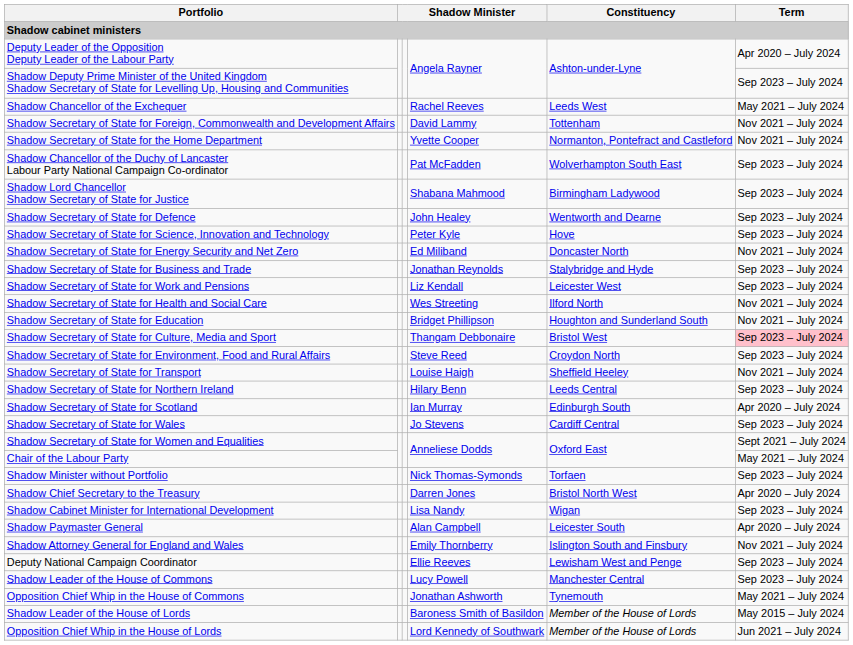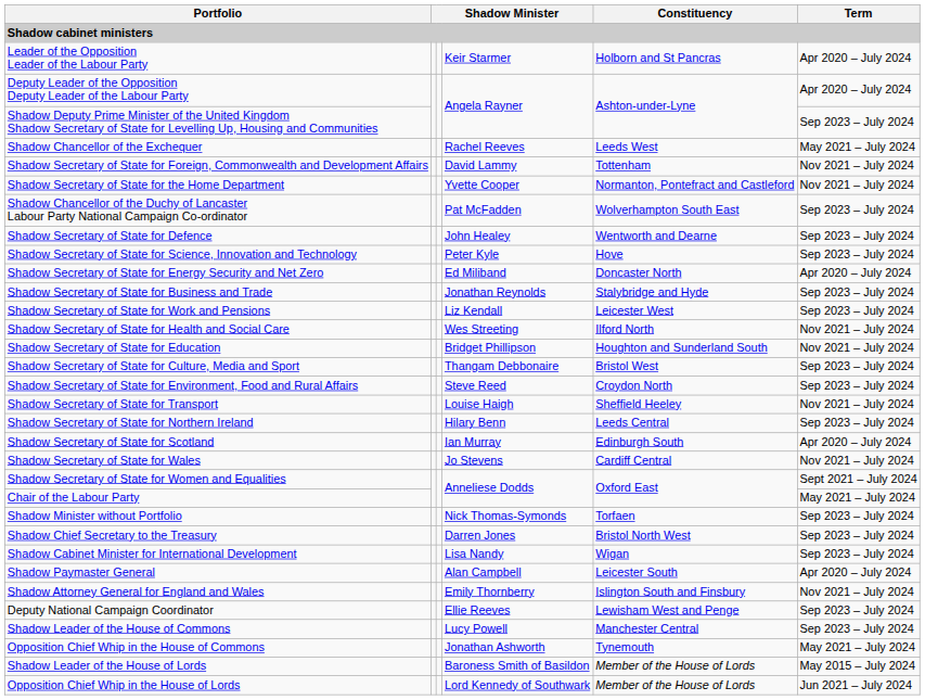 <table class="wikitable">
 <tr>
 <th colspan="1">Portfolio</th>
 <th colspan="3">Shadow Minister</th>
 <th colspan="1">Constituency</th>
 <th colspan="1">Term</th>
 </tr>
 <tr>
 <td style="background:#ccc;" colspan="6"><strong>Shadow cabinet ministers</strong></td>
+</tr>
+<tr>
+<td><a href='#'>Leader of the Opposition</a><br><a href='#'>Leader of the Labour Party</a></td>
+<td style="background: "></td>
+<td></td>
+<td><a href='#'>Keir Starmer</a></td>
+<td><a href='#'>Holborn and St Pancras</a></td>
+<td>Apr 2020 – July 2024</td>
 </tr>
 <tr>
 <td><a href='#'>Deputy Leader of the Opposition</a><br><a href='#'>Deputy Leader of the Labour Party</a></td>
 <td rowspan="2" style="background: "></td>
 <td rowspan="2"></td>
 <td rowspan="2"><a href='#'>Angela Rayner</a></td>
 <td rowspan="2"><a href='#'>Ashton-under-Lyne</a></td>
 <td>Apr 2020 – July 2024</td>
 </tr>
 <tr>
 <td><a href='#'>Shadow Deputy Prime Minister of the United Kingdom</a><br><a href='#'>Shadow Secretary of State for Levelling Up, Housing and Communities</a></td>
 <td>Sep 2023 – July 2024</td>
 </tr>
 <tr>
 <td><a href='#'>Shadow Chancellor of the Exchequer</a></td>
 <td style="background: "></td>
 <td></td>
 <td><a href='#'>Rachel Reeves</a></td>
 <td><a href='#'>Leeds West</a></td>
 <td>May 2021 – July 2024</td>
 </tr>
 <tr>
 <td><a href='#'>Shadow Secretary of State for Foreign, Commonwealth and Development Affairs</a></td>
 <td style="background: "></td>
 <td></td>
 <td><a href='#'>David Lammy</a></td>
 <td><a href='#'>Tottenham</a></td>
 <td>Nov 2021 – July 2024</td>
 </tr>
 <tr>
 <td><a href='#'>Shadow Secretary of State for the Home Department</a></td>
 <td style="background: "></td>
 <td></td>
 <td><a href='#'>Yvette Cooper</a></td>
 <td><a href='#'>Normanton, Pontefract and Castleford</a></td>
 <td>Nov 2021 – July 2024</td>
 </tr>
 <tr>
 <td><a href='#'>Shadow Chancellor of the Duchy of Lancaster</a><br>Labour Party National Campaign Co-ordinator</td>
 <td style="background: "></td>
 <td></td>
 <td><a href='#'>Pat McFadden</a></td>
 <td><a href='#'>Wolverhampton South East</a></td>
 <td>Sep 2023 – July 2024</td>
 </tr>
 <tr>
-<td><a href='#'>Shadow Lord Chancellor</a><br><a href='#'>Shadow Secretary of State for Justice</a></td>
-<td style="background: "></td>
-<td></td>
-<td><a href='#'>Shabana Mahmood</a></td>
-<td><a href='#'>Birmingham Ladywood</a></td>
-<td>Sep 2023 – July 2024</td>
-</tr>
-<tr>
 <td><a href='#'>Shadow Secretary of State for Defence</a></td>
 <td style="background: "></td>
 <td></td>
 <td><a href='#'>John Healey</a></td>
 <td><a href='#'>Wentworth and Dearne</a></td>
 <td>Sep 2023 – July 2024</td>
 </tr>
 <tr>
 <td><a href='#'>Shadow Secretary of State for Science, Innovation and Technology</a></td>
 <td style="background: "></td>
 <td></td>
 <td><a href='#'>Peter Kyle</a></td>
 <td><a href='#'>Hove</a></td>
 <td>Sep 2023 – July 2024</td>
 </tr>
 <tr>
 <td><a href='#'>Shadow Secretary of State for Energy Security and Net Zero</a></td>
 <td style="background: "></td>
 <td></td>
 <td><a href='#'>Ed Miliband</a></td>
 <td><a href='#'>Doncaster North</a></td>
-<td>Nov 2021 – July 2024</td>
+<td>Apr 2020 – July 2024</td>
 </tr>
 <tr>
 <td><a href='#'>Shadow Secretary of State for Business and Trade</a></td>
 <td style="background: "></td>
 <td></td>
 <td><a href='#'>Jonathan Reynolds</a></td>
 <td><a href='#'>Stalybridge and Hyde</a></td>
 <td>Sep 2023 – July 2024</td>
 </tr>
 <tr>
 <td><a href='#'>Shadow Secretary of State for Work and Pensions</a></td>
 <td style="background: "></td>
 <td></td>
 <td><a href='#'>Liz Kendall</a></td>
 <td><a href='#'>Leicester West</a></td>
 <td>Sep 2023 – July 2024</td>
 </tr>
 <tr>
 <td><a href='#'>Shadow Secretary of State for Health and Social Care</a></td>
 <td style="background: "></td>
 <td></td>
 <td><a href='#'>Wes Streeting</a></td>
 <td><a href='#'>Ilford North</a></td>
 <td>Nov 2021 – July 2024</td>
 </tr>
 <tr>
 <td><a href='#'>Shadow Secretary of State for Education</a></td>
 <td style="background: "></td>
 <td></td>
 <td><a href='#'>Bridget Phillipson</a></td>
 <td><a href='#'>Houghton and Sunderland South</a></td>
 <td>Nov 2021 – July 2024</td>
 </tr>
 <tr>
 <td><a href='#'>Shadow Secretary of State for Culture, Media and Sport</a></td>
 <td style="background: "></td>
 <td></td>
 <td><a href='#'>Thangam Debbonaire</a></td>
 <td><a href='#'>Bristol West</a></td>
-<td style="background: pink;">Sep 2023 – July 2024</td>
+<td>Sep 2023 – July 2024</td>
 </tr>
 <tr>
 <td><a href='#'>Shadow Secretary of State for Environment, Food and Rural Affairs</a></td>
 <td style="background: "></td>
 <td></td>
 <td><a href='#'>Steve Reed</a></td>
 <td><a href='#'>Croydon North</a></td>
 <td>Sep 2023 – July 2024</td>
 </tr>
 <tr>
 <td><a href='#'>Shadow Secretary of State for Transport</a></td>
 <td style="background: "></td>
 <td></td>
 <td><a href='#'>Louise Haigh</a></td>
 <td><a href='#'>Sheffield Heeley</a></td>
 <td>Nov 2021 – July 2024</td>
 </tr>
 <tr>
 <td><a href='#'>Shadow Secretary of State for Northern Ireland</a></td>
 <td style="background: "></td>
 <td></td>
 <td><a href='#'>Hilary Benn</a></td>
 <td><a href='#'>Leeds Central</a></td>
 <td>Sep 2023 – July 2024</td>
 </tr>
 <tr>
 <td><a href='#'>Shadow Secretary of State for Scotland</a></td>
 <td style="background: "></td>
 <td></td>
 <td><a href='#'>Ian Murray</a></td>
 <td><a href='#'>Edinburgh South</a></td>
 <td>Apr 2020 – July 2024</td>
 </tr>
 <tr>
 <td><a href='#'>Shadow Secretary of State for Wales</a></td>
 <td style="background: "></td>
 <td></td>
 <td><a href='#'>Jo Stevens</a></td>
 <td><a href='#'>Cardiff Central</a></td>
-<td>Sep 2023 – July 2024</td>
+<td>Nov 2021 – July 2024</td>
 </tr>
 <tr>
 <td><a href='#'>Shadow Secretary of State for Women and Equalities</a></td>
 <td rowspan="2" style="background: "></td>
 <td rowspan="2"></td>
 <td rowspan="2"><a href='#'>Anneliese Dodds</a></td>
 <td rowspan="2"><a href='#'>Oxford East</a></td>
 <td>Sept 2021 – July 2024</td>
 </tr>
 <tr>
 <td><a href='#'>Chair of the Labour Party</a></td>
 <td>May 2021 – July 2024</td>
 </tr>
 <tr>
 <td><a href='#'>Shadow Minister without Portfolio</a></td>
 <td style="background: "></td>
 <td></td>
 <td><a href='#'>Nick Thomas-Symonds</a></td>
 <td><a href='#'>Torfaen</a></td>
 <td>Sep 2023 – July 2024</td>
 </tr>
 <tr>
 <td><a href='#'>Shadow Chief Secretary to the Treasury</a></td>
 <td style="background: "></td>
 <td></td>
 <td><a href='#'>Darren Jones</a></td>
 <td><a href='#'>Bristol North West</a></td>
-<td>Apr 2020 – July 2024</td>
+<td>Sep 2023 – July 2024</td>
 </tr>
 <tr>
 <td><a href='#'>Shadow Cabinet Minister for International Development</a></td>
 <td style="background: "></td>
 <td></td>
 <td><a href='#'>Lisa Nandy</a></td>
 <td><a href='#'>Wigan</a></td>
 <td>Sep 2023 – July 2024</td>
 </tr>
 <tr>
 <td><a href='#'>Shadow Paymaster General</a></td>
 <td style="background: "></td>
 <td></td>
 <td><a href='#'>Alan Campbell</a></td>
 <td><a href='#'>Leicester South</a></td>
 <td>Apr 2020 – July 2024</td>
 </tr>
 <tr>
 <td><a href='#'>Shadow Attorney General for England and Wales</a></td>
 <td style="background: "></td>
 <td></td>
 <td><a href='#'>Emily Thornberry</a></td>
 <td><a href='#'>Islington South and Finsbury</a></td>
 <td>Nov 2021 – July 2024</td>
 </tr>
 <tr>
 <td>Deputy National Campaign Coordinator</td>
 <td style="background: "></td>
 <td></td>
 <td><a href='#'>Ellie Reeves</a></td>
 <td><a href='#'>Lewisham West and Penge</a></td>
 <td>Sep 2023 – July 2024</td>
 </tr>
 <tr>
 <td><a href='#'>Shadow Leader of the House of Commons</a></td>
 <td style="background: "></td>
 <td></td>
 <td><a href='#'>Lucy Powell</a></td>
 <td><a href='#'>Manchester Central</a></td>
 <td>Sep 2023 – July 2024</td>
 </tr>
 <tr>
 <td><a href='#'>Opposition Chief Whip in the House of Commons</a></td>
 <td style="background: "></td>
 <td></td>
 <td><a href='#'>Jonathan Ashworth</a></td>
 <td><a href='#'>Tynemouth</a></td>
 <td>May 2021 – July 2024</td>
 </tr>
 <tr>
 <td><a href='#'>Shadow Leader of the House of Lords</a></td>
 <td style="background: "></td>
 <td></td>
 <td><a href='#'>Baroness Smith of Basildon</a></td>
 <td><em>Member of the House of Lords</em></td>
 <td>May 2015 – July 2024</td>
 </tr>
 <tr>
 <td><a href='#'>Opposition Chief Whip in the House of Lords</a></td>
 <td style="background: "></td>
 <td></td>
 <td><a href='#'>Lord Kennedy of Southwark</a></td>
 <td><em>Member of the House of Lords</em></td>
 <td>Jun 2021 – July 2024</td>
 </tr>
 </table>
